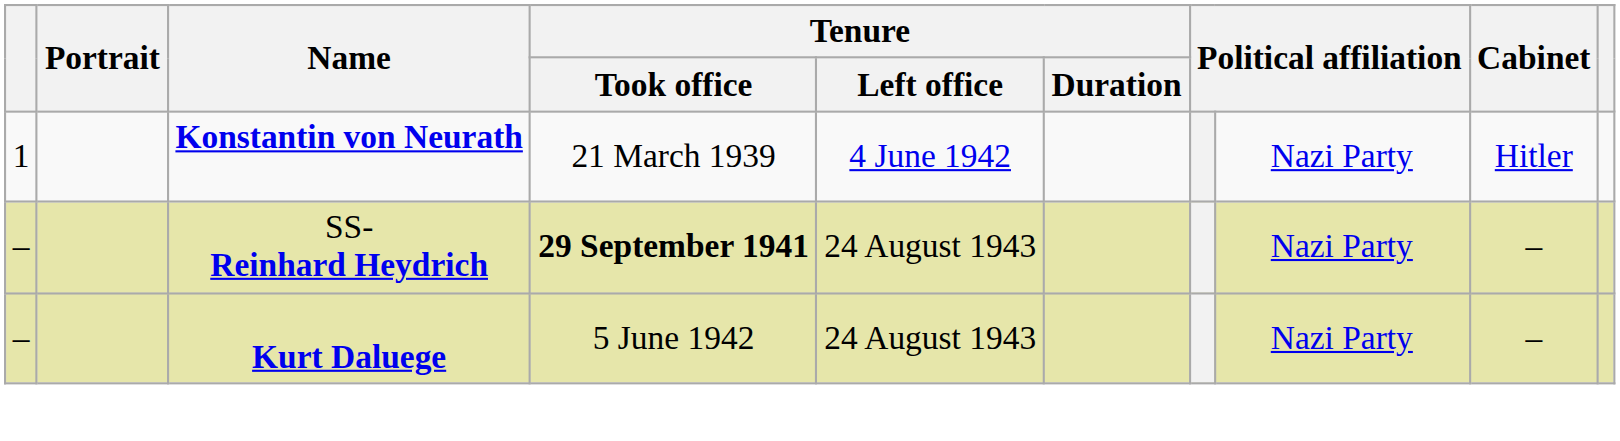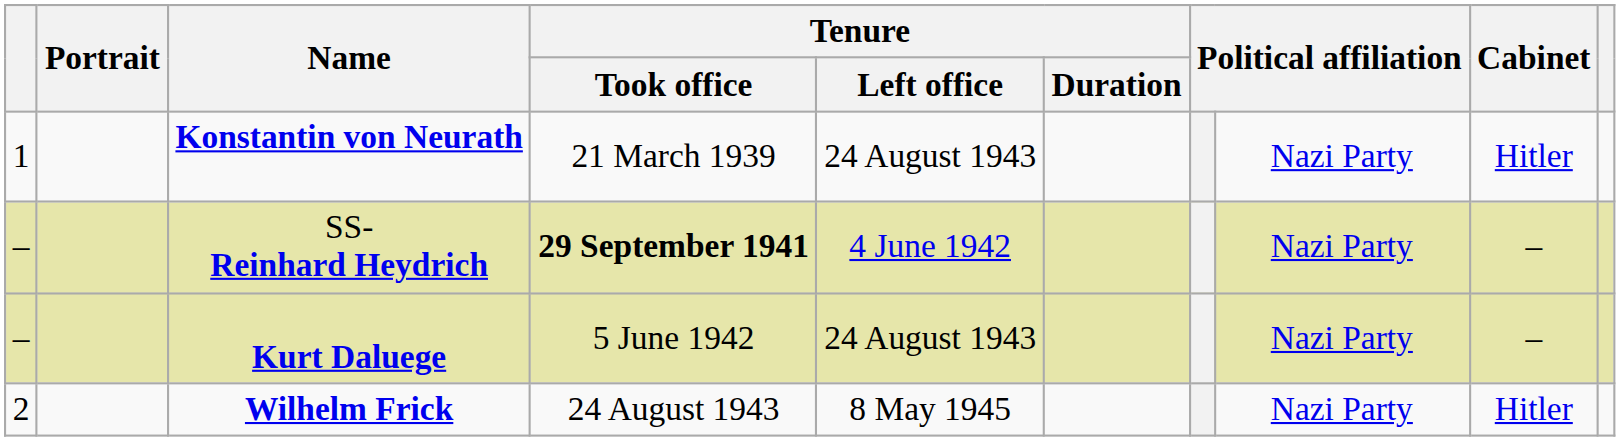 <table class="wikitable" style="text-align:center">
 <tr>
 <th rowspan=2></th>
 <th rowspan=2>Portrait</th>
 <th rowspan=2>Name<br></th>
 <th colspan=3>Tenure</th>
 <th rowspan=2 colspan=2>Political affiliation</th>
 <th rowspan=2>Cabinet</th>
 <th rowspan=2></th>
 </tr>
 <tr>
 <th>Took office</th>
 <th>Left office</th>
 <th>Duration</th>
 </tr>
 <tr>
 <td>1</td>
 <td></td>
 <td><strong><a href='#'>Konstantin von Neurath</a></strong><br><br></td>
 <td>21 March 1939</td>
-<td><a href='#'>4 June 1942</a></td>
+<td>24 August 1943</td>
 <td></td>
 <th style="background:"></th>
 <td><a href='#'>Nazi Party</a></td>
 <td><a href='#'>Hitler</a></td>
 <td></td>
 </tr>
 <tr style="background:#E6E6AA">
 <td>–</td>
 <td></td>
 <td>SS-<br><strong><a href='#'>Reinhard Heydrich</a></strong><br></td>
 <td><strong>29 September 1941</strong></td>
-<td>24 August 1943</td>
+<td><a href='#'>4 June 1942</a></td>
 <td></td>
 <th style="background:"></th>
 <td><a href='#'>Nazi Party</a></td>
 <td>–</td>
 <td></td>
 </tr>
 <tr style="background:#E6E6AA">
 <td>–</td>
 <td></td>
 <td><br><strong><a href='#'>Kurt Daluege</a></strong><br></td>
 <td>5 June 1942</td>
 <td>24 August 1943</td>
 <td></td>
 <th style="background:"></th>
 <td><a href='#'>Nazi Party</a></td>
 <td>–</td>
 <td></td>
 </tr>
+<tr>
+<td>2</td>
+<td></td>
+<td><strong><a href='#'>Wilhelm Frick</a></strong><br></td>
+<td>24 August 1943</td>
+<td>8 May 1945</td>
+<td></td>
+<th style="background:"></th>
+<td><a href='#'>Nazi Party</a></td>
+<td><a href='#'>Hitler</a></td>
+<td></td>
+</tr>
 </table>
